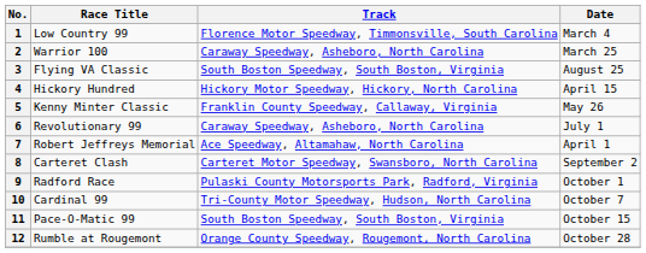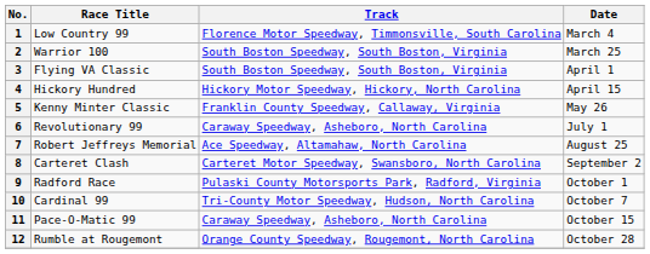 <table class="wikitable" style="font-size:85%;">
 <tr>
 <th>No.</th>
 <th>Race Title</th>
 <th><a href='#'>Track</a></th>
 <th>Date</th>
 </tr>
 <tr>
 <th>1</th>
 <td>Low Country 99</td>
 <td><a href='#'>Florence Motor Speedway</a>, <a href='#'>Timmonsville, South Carolina</a></td>
 <td>March 4</td>
 </tr>
 <tr>
 <th>2</th>
 <td>Warrior 100</td>
-<td><a href='#'>Caraway Speedway</a>, <a href='#'>Asheboro, North Carolina</a></td>
+<td><a href='#'>South Boston Speedway</a>, <a href='#'>South Boston, Virginia</a></td>
 <td>March 25</td>
 </tr>
 <tr>
 <th>3</th>
 <td>Flying VA Classic</td>
 <td><a href='#'>South Boston Speedway</a>, <a href='#'>South Boston, Virginia</a></td>
-<td>August 25</td>
+<td>April 1</td>
 </tr>
 <tr>
 <th>4</th>
 <td>Hickory Hundred</td>
 <td><a href='#'>Hickory Motor Speedway</a>, <a href='#'>Hickory, North Carolina</a></td>
 <td>April 15</td>
 </tr>
 <tr>
 <th>5</th>
 <td>Kenny Minter Classic</td>
 <td><a href='#'>Franklin County Speedway</a>, <a href='#'>Callaway, Virginia</a></td>
 <td>May 26</td>
 </tr>
 <tr>
 <th>6</th>
 <td>Revolutionary 99</td>
 <td><a href='#'>Caraway Speedway</a>, <a href='#'>Asheboro, North Carolina</a></td>
 <td>July 1</td>
 </tr>
 <tr>
 <th>7</th>
 <td>Robert Jeffreys Memorial</td>
 <td><a href='#'>Ace Speedway</a>, <a href='#'>Altamahaw, North Carolina</a></td>
-<td>April 1</td>
+<td>August 25</td>
 </tr>
 <tr>
 <th>8</th>
 <td>Carteret Clash</td>
 <td><a href='#'>Carteret Motor Speedway</a>, <a href='#'>Swansboro, North Carolina</a></td>
 <td>September 2</td>
 </tr>
 <tr>
 <th>9</th>
 <td>Radford Race</td>
 <td><a href='#'>Pulaski County Motorsports Park</a>, <a href='#'>Radford, Virginia</a></td>
 <td>October 1</td>
 </tr>
 <tr>
 <th>10</th>
 <td>Cardinal 99</td>
 <td><a href='#'>Tri-County Motor Speedway</a>, <a href='#'>Hudson, North Carolina</a></td>
 <td>October 7</td>
 </tr>
 <tr>
 <th>11</th>
 <td>Pace-O-Matic 99</td>
-<td><a href='#'>South Boston Speedway</a>, <a href='#'>South Boston, Virginia</a></td>
+<td><a href='#'>Caraway Speedway</a>, <a href='#'>Asheboro, North Carolina</a></td>
 <td>October 15</td>
 </tr>
 <tr>
 <th>12</th>
 <td>Rumble at Rougemont</td>
 <td><a href='#'>Orange County Speedway</a>, <a href='#'>Rougemont, North Carolina</a></td>
 <td>October 28</td>
 </tr>
 <tr>
 </tr>
 </table>
